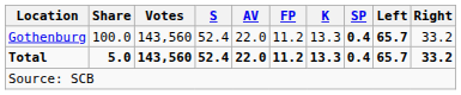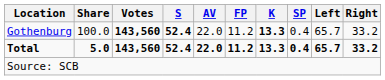 <table class="wikitable sortable" style=text-align:right>
 <tr>
 <th>Location</th>
 <th>Share</th>
 <th>Votes</th>
 <th><a href='#'>S</a></th>
 <th><a href='#'>AV</a></th>
 <th><a href='#'>FP</a></th>
 <th><a href='#'>K</a></th>
 <th><a href='#'>SP</a></th>
 <th>Left</th>
 <th>Right</th>
 </tr>
 <tr>
 <td align=left><a href='#'>Gothenburg</a></td>
 <td>100.0</td>
-<td>143,560</td>
-<td>52.4</td>
+<td><strong>143,560</strong></td>
+<td><strong>52.4</strong></td>
 <td>22.0</td>
 <td>11.2</td>
-<td>13.3</td>
-<td><strong>0.4</strong></td>
-<td><strong>65.7</strong></td>
+<td><strong>13.3</strong></td>
+<td>0.4</td>
+<td>65.7</td>
 <td>33.2</td>
 </tr>
 <tr>
 <td align=left><strong>Total</strong></td>
 <td><strong>5.0</strong></td>
 <td><strong>143,560</strong></td>
 <td><strong>52.4</strong></td>
 <td><strong>22.0</strong></td>
 <td><strong>11.2</strong></td>
 <td><strong>13.3</strong></td>
 <td><strong>0.4</strong></td>
 <td><strong>65.7</strong></td>
 <td><strong>33.2</strong></td>
 </tr>
 <tr>
 <td align=left colspan=10>Source: SCB </td>
 </tr>
 </table>
